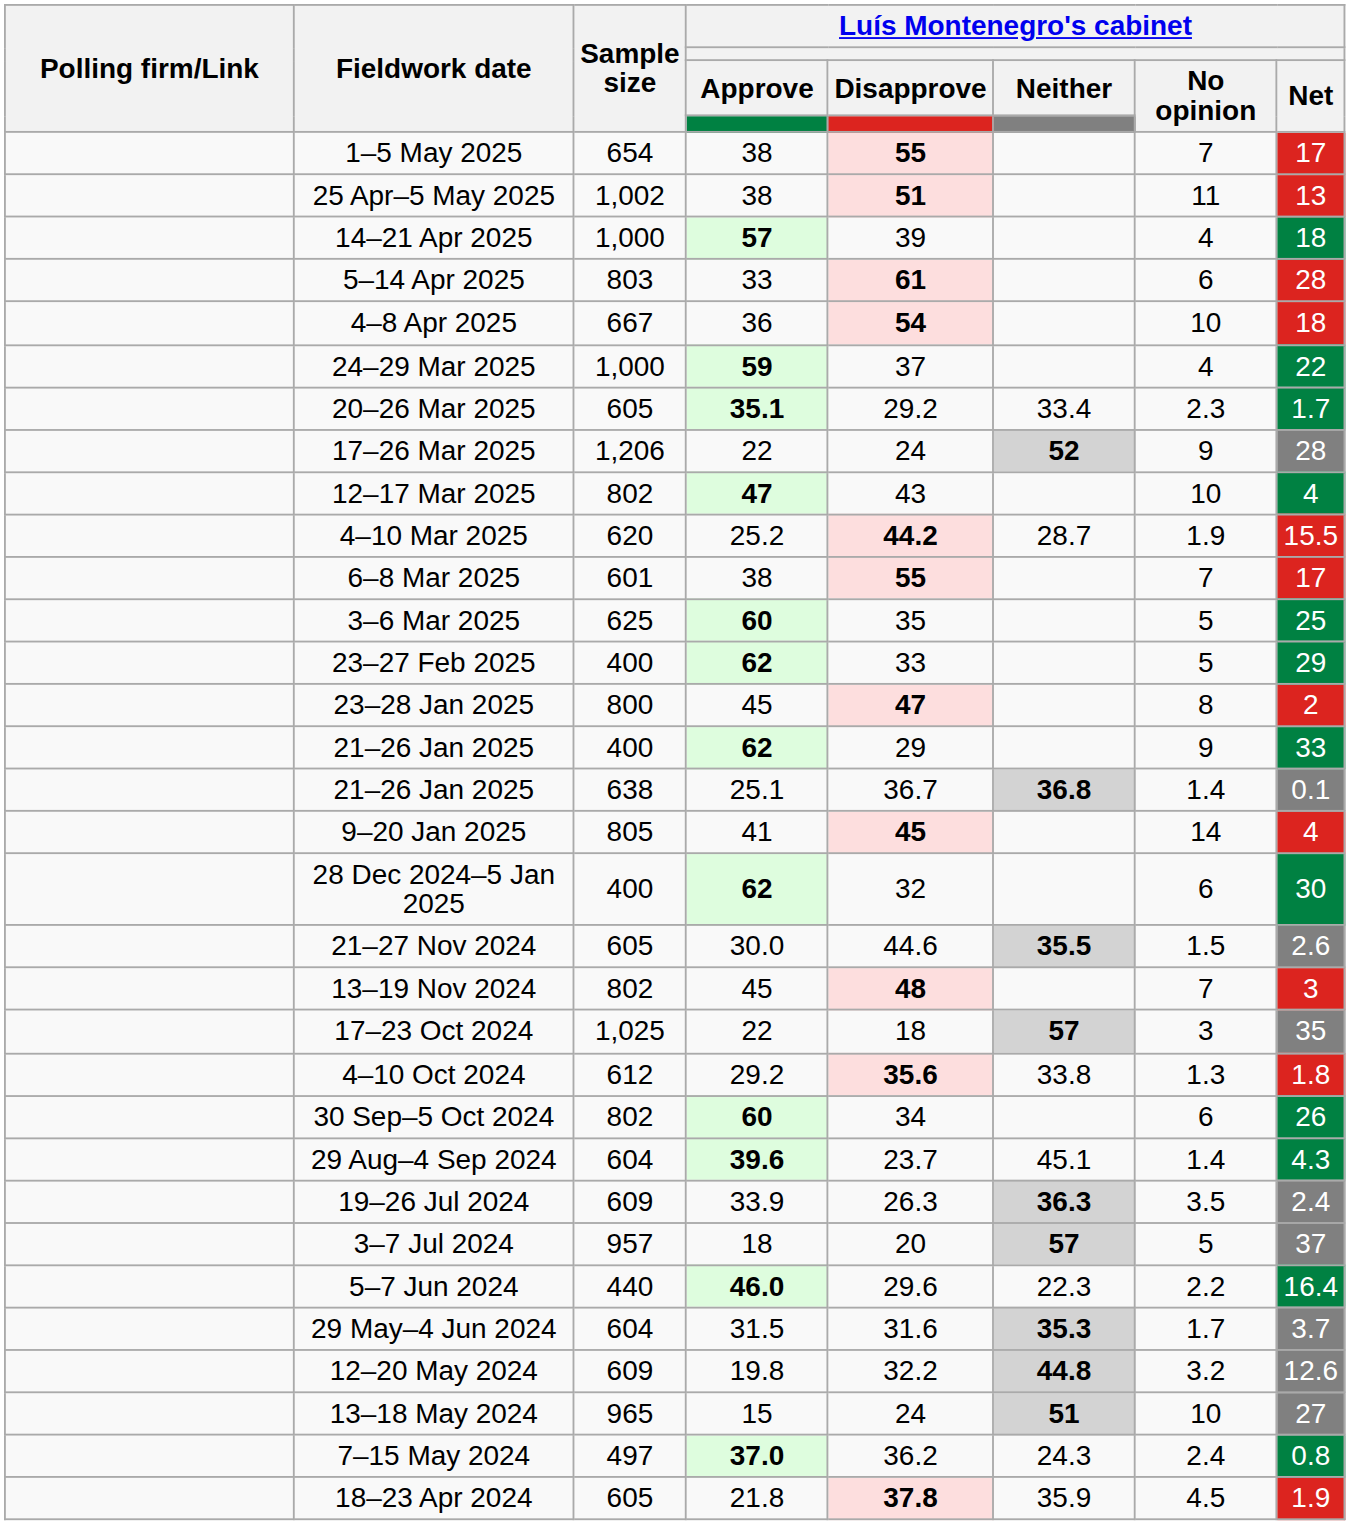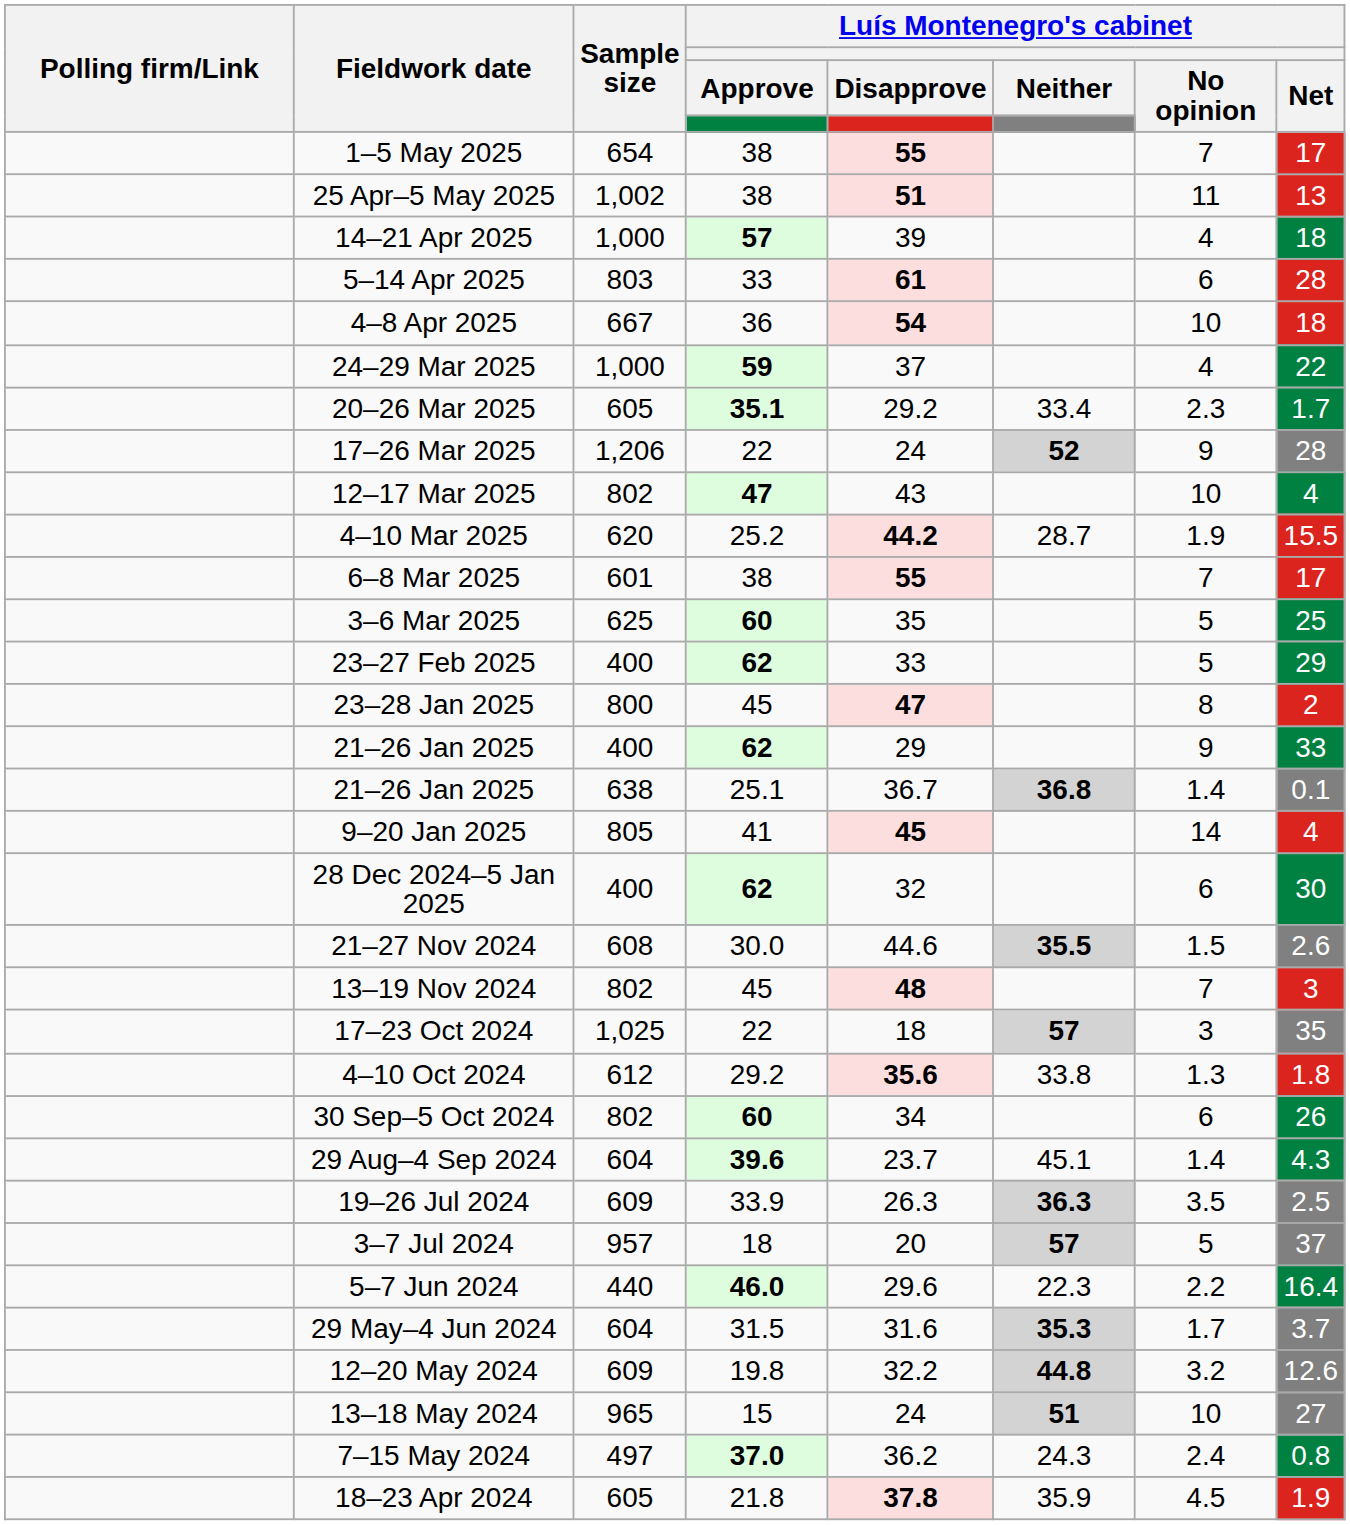 <table class="wikitable sortable mw-datatable" style="text-align:center;font-size:95%;line-height:16px;">
 <tr>
 <th style="width:150px;" rowspan="4">Polling firm/Link</th>
 <th style="width:145px;" rowspan="4">Fieldwork date</th>
 <th class="unsortable" style="width:50px;" rowspan="4">Sample size</th>
 <th class="unsortable" colspan="5"><a href='#'>Luís Montenegro's cabinet</a></th>
 </tr>
 <tr>
 <th class="unsortable" colspan="5" style="background:"></th>
 </tr>
 <tr>
 <th class="unsortable" style="width:70px;">Approve</th>
 <th class="unsortable" style="width:70px;">Disapprove</th>
 <th class="unsortable" style="width:70px;">Neither</th>
 <th rowspan="2" class="unsortable" style="width:70px;">No opinion</th>
 <th rowspan="2" class="unsortable" style="width:30px;">Net</th>
 </tr>
 <tr>
 <th style="color:inherit;background:#008142;"></th>
 <th style="color:inherit;background:#DC241F;"></th>
 <th style="color:inherit;background:gray;"></th>
 </tr>
 <tr>
 <td></td>
 <td>1–5 May 2025</td>
 <td>654</td>
 <td>38</td>
 <td style="background:#FDDEDE;"><strong>55</strong></td>
 <td></td>
 <td>7</td>
 <td style="background:#DC241F;color:white;">17</td>
 </tr>
 <tr>
 <td></td>
 <td>25 Apr–5 May 2025</td>
 <td>1,002</td>
 <td>38</td>
 <td style="background:#FDDEDE;"><strong>51</strong></td>
 <td></td>
 <td>11</td>
 <td style="background:#DC241F;color:white;">13</td>
 </tr>
 <tr>
 <td></td>
 <td>14–21 Apr 2025</td>
 <td>1,000</td>
 <td style="background:#DEFDDE;"><strong>57</strong></td>
 <td>39</td>
 <td></td>
 <td>4</td>
 <td style="background:#008142;color:white;">18</td>
 </tr>
 <tr>
 <td></td>
 <td>5–14 Apr 2025</td>
 <td>803</td>
 <td>33</td>
 <td style="background:#FDDEDE;"><strong>61</strong></td>
 <td></td>
 <td>6</td>
 <td style="background:#DC241F;color:white;">28</td>
 </tr>
 <tr>
 <td></td>
 <td data-sort-value="2019-10-03">4–8 Apr 2025</td>
 <td>667</td>
 <td>36</td>
 <td style="background:#FDDEDE;"><strong>54</strong></td>
 <td></td>
 <td>10</td>
 <td style="background:#DC241F;color:white;">18</td>
 </tr>
 <tr>
 <td></td>
 <td>24–29 Mar 2025</td>
 <td>1,000</td>
 <td style="background:#DEFDDE;"><strong>59</strong></td>
 <td>37</td>
 <td></td>
 <td>4</td>
 <td style="background:#008142;color:white;">22</td>
 </tr>
 <tr>
 <td></td>
 <td data-sort-value="2019-10-03">20–26 Mar 2025</td>
 <td>605</td>
 <td style="background:#DEFDDE;"><strong>35.1</strong></td>
 <td>29.2</td>
 <td>33.4</td>
 <td>2.3</td>
 <td style="background:#008142;color:white;">1.7</td>
 </tr>
 <tr>
 <td></td>
 <td data-sort-value="2019-10-03">17–26 Mar 2025</td>
 <td>1,206</td>
 <td>22</td>
 <td>24</td>
 <td style="background:#d3d3d3;"><strong>52</strong></td>
 <td>9</td>
 <td style="background:gray;color:white;">28</td>
 </tr>
 <tr>
 <td></td>
 <td>12–17 Mar 2025</td>
 <td>802</td>
 <td style="background:#DEFDDE;"><strong>47</strong></td>
 <td>43</td>
 <td></td>
 <td>10</td>
 <td style="background:#008142;color:white;">4</td>
 </tr>
 <tr>
 <td></td>
 <td data-sort-value="2019-10-03">4–10 Mar 2025</td>
 <td>620</td>
 <td>25.2</td>
 <td style="background:#FDDEDE;"><strong>44.2</strong></td>
 <td>28.7</td>
 <td>1.9</td>
 <td style="background:#DC241F;color:white;">15.5</td>
 </tr>
 <tr>
 <td></td>
 <td data-sort-value="2019-10-03">6–8 Mar 2025</td>
 <td>601</td>
 <td>38</td>
 <td style="background:#FDDEDE;"><strong>55</strong></td>
 <td></td>
 <td>7</td>
 <td style="background:#DC241F;color:white;">17</td>
 </tr>
 <tr>
 <td></td>
 <td>3–6 Mar 2025</td>
 <td>625</td>
 <td style="background:#DEFDDE;"><strong>60</strong></td>
 <td>35</td>
 <td></td>
 <td>5</td>
 <td style="background:#008142;color:white;">25</td>
 </tr>
 <tr>
 <td></td>
 <td>23–27 Feb 2025</td>
 <td>400</td>
 <td style="background:#DEFDDE;"><strong>62</strong></td>
 <td>33</td>
 <td></td>
 <td>5</td>
 <td style="background:#008142;color:white;">29</td>
 </tr>
 <tr>
 <td></td>
 <td data-sort-value="2019-10-03">23–28 Jan 2025</td>
 <td>800</td>
 <td>45</td>
 <td style="background:#FDDEDE;"><strong>47</strong></td>
 <td></td>
 <td>8</td>
 <td style="background:#DC241F;color:white;">2</td>
 </tr>
 <tr>
 <td></td>
 <td>21–26 Jan 2025</td>
 <td>400</td>
 <td style="background:#DEFDDE;"><strong>62</strong></td>
 <td>29</td>
 <td></td>
 <td>9</td>
 <td style="background:#008142;color:white;">33</td>
 </tr>
 <tr>
 <td></td>
 <td data-sort-value="2019-10-03">21–26 Jan 2025</td>
 <td>638</td>
 <td>25.1</td>
 <td>36.7</td>
 <td style="background:#d3d3d3;"><strong>36.8</strong></td>
 <td>1.4</td>
 <td style="background:gray;color:white;">0.1</td>
 </tr>
 <tr>
 <td></td>
 <td>9–20 Jan 2025</td>
 <td>805</td>
 <td>41</td>
 <td style="background:#FDDEDE;"><strong>45</strong></td>
 <td></td>
 <td>14</td>
 <td style="background:#DC241F;color:white;">4</td>
 </tr>
 <tr>
 <td></td>
 <td>28 Dec 2024–5 Jan 2025</td>
 <td>400</td>
 <td style="background:#DEFDDE;"><strong>62</strong></td>
 <td>32</td>
 <td></td>
 <td>6</td>
 <td style="background:#008142;color:white;">30</td>
 </tr>
 <tr>
 <td></td>
 <td data-sort-value="2019-10-03">21–27 Nov 2024</td>
-<td>605</td>
+<td>608</td>
 <td>30.0</td>
 <td>44.6</td>
 <td style="background:#d3d3d3;"><strong>35.5</strong></td>
 <td>1.5</td>
 <td style="background:gray;color:white;">2.6</td>
 </tr>
 <tr>
 <td></td>
 <td data-sort-value="2019-10-03">13–19 Nov 2024</td>
 <td>802</td>
 <td>45</td>
 <td style="background:#FDDEDE;"><strong>48</strong></td>
 <td></td>
 <td>7</td>
 <td style="background:#DC241F;color:white;">3</td>
 </tr>
 <tr>
 <td></td>
 <td data-sort-value="2019-10-03">17–23 Oct 2024</td>
 <td>1,025</td>
 <td>22</td>
 <td>18</td>
 <td style="background:#d3d3d3;"><strong>57</strong></td>
 <td>3</td>
 <td style="background:gray;color:white;">35</td>
 </tr>
 <tr>
 <td></td>
 <td data-sort-value="2019-10-03">4–10 Oct 2024</td>
 <td>612</td>
 <td>29.2</td>
 <td style="background:#FDDEDE;"><strong>35.6</strong></td>
 <td>33.8</td>
 <td>1.3</td>
 <td style="background:#DC241F;color:white;">1.8</td>
 </tr>
 <tr>
 <td></td>
 <td data-sort-value="2019-10-03">30 Sep–5 Oct 2024</td>
 <td>802</td>
 <td style="background:#DEFDDE;"><strong>60</strong></td>
 <td>34</td>
 <td></td>
 <td>6</td>
 <td style="background:#008142;color:white;">26</td>
 </tr>
 <tr>
 <td></td>
 <td data-sort-value="2019-10-03">29 Aug–4 Sep 2024</td>
 <td>604</td>
 <td style="background:#DEFDDE;"><strong>39.6</strong></td>
 <td>23.7</td>
 <td>45.1</td>
 <td>1.4</td>
 <td style="background:#008142;color:white;">4.3</td>
 </tr>
 <tr>
 <td></td>
 <td data-sort-value="2019-10-03">19–26 Jul 2024</td>
 <td>609</td>
 <td>33.9</td>
 <td>26.3</td>
 <td style="background:#d3d3d3;"><strong>36.3</strong></td>
 <td>3.5</td>
-<td style="background:gray;color:white;">2.4</td>
+<td style="background:gray;color:white;">2.5</td>
 </tr>
 <tr>
 <td></td>
 <td data-sort-value="2019-10-03">3–7 Jul 2024</td>
 <td>957</td>
 <td>18</td>
 <td>20</td>
 <td style="background:#d3d3d3;"><strong>57</strong></td>
 <td>5</td>
 <td style="background:gray;color:white;">37</td>
 </tr>
 <tr>
 <td></td>
 <td data-sort-value="2019-10-03">5–7 Jun 2024</td>
 <td>440</td>
 <td style="background:#DEFDDE;"><strong>46.0</strong></td>
 <td>29.6</td>
 <td>22.3</td>
 <td>2.2</td>
 <td style="background:#008142;color:white;">16.4</td>
 </tr>
 <tr>
 <td></td>
 <td data-sort-value="2019-10-03">29 May–4 Jun 2024</td>
 <td>604</td>
 <td>31.5</td>
 <td>31.6</td>
 <td style="background:#d3d3d3;"><strong>35.3</strong></td>
 <td>1.7</td>
 <td style="background:gray;color:white;">3.7</td>
 </tr>
 <tr>
 <td></td>
 <td data-sort-value="2019-10-03">12–20 May 2024</td>
 <td>609</td>
 <td>19.8</td>
 <td>32.2</td>
 <td style="background:#d3d3d3;"><strong>44.8</strong></td>
 <td>3.2</td>
 <td style="background:gray;color:white;">12.6</td>
 </tr>
 <tr>
 <td></td>
 <td data-sort-value="2019-10-03">13–18 May 2024</td>
 <td>965</td>
 <td>15</td>
 <td>24</td>
 <td style="background:#d3d3d3;"><strong>51</strong></td>
 <td>10</td>
 <td style="background:gray;color:white;">27</td>
 </tr>
 <tr>
 <td></td>
 <td data-sort-value="2019-10-03">7–15 May 2024</td>
 <td>497</td>
 <td style="background:#DEFDDE;"><strong>37.0</strong></td>
 <td>36.2</td>
 <td>24.3</td>
 <td>2.4</td>
 <td style="background:#008142;color:white;">0.8</td>
 </tr>
 <tr>
 <td></td>
 <td data-sort-value="2019-10-03">18–23 Apr 2024</td>
 <td>605</td>
 <td>21.8</td>
 <td style="background:#FDDEDE;"><strong>37.8</strong></td>
 <td>35.9</td>
 <td>4.5</td>
 <td style="background:#DC241F;color:white;">1.9</td>
 </tr>
 </table>
